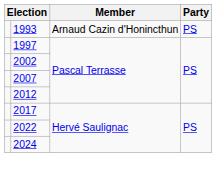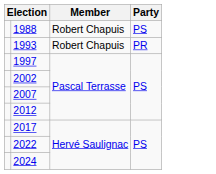 <table class="wikitable">
 <tr>
 <th colspan="2">Election</th>
 <th>Member</th>
 <th>Party</th>
 </tr>
 <tr>
 <td style="color:inherit;background-color: "></td>
+<td><a href='#'>1988</a></td>
+<td>Robert Chapuis</td>
+<td><a href='#'>PS</a></td>
+</tr>
+<tr>
+<td style="color:inherit;background-color: "></td>
 <td><a href='#'>1993</a></td>
-<td>Arnaud Cazin d'Honincthun</td>
-<td><a href='#'>PS</a></td>
+<td>Robert Chapuis</td>
+<td><a href='#'>PR</a></td>
 </tr>
 <tr>
 <td style="color:inherit;background-color: "></td>
 <td><a href='#'>1997</a></td>
 <td rowspan=4><a href='#'>Pascal Terrasse</a></td>
 <td rowspan=4><a href='#'>PS</a></td>
 </tr>
 <tr>
 <td style="color:inherit;background-color: "></td>
 <td><a href='#'>2002</a></td>
 </tr>
 <tr>
 <td style="color:inherit;background-color: "></td>
 <td><a href='#'>2007</a></td>
 </tr>
 <tr>
 <td style="color:inherit;background-color: "></td>
 <td><a href='#'>2012</a></td>
 </tr>
 <tr>
 <td style="color:inherit;background-color: "></td>
 <td><a href='#'>2017</a></td>
 <td rowspan="3"><a href='#'>Hervé Saulignac</a></td>
 <td rowspan="3"><a href='#'>PS</a></td>
 </tr>
 <tr>
 <td style="color:inherit;background-color: "></td>
 <td><a href='#'>2022</a></td>
 </tr>
 <tr>
 <td style="color:inherit;background-color: "></td>
 <td><a href='#'>2024</a></td>
 </tr>
 </table>
